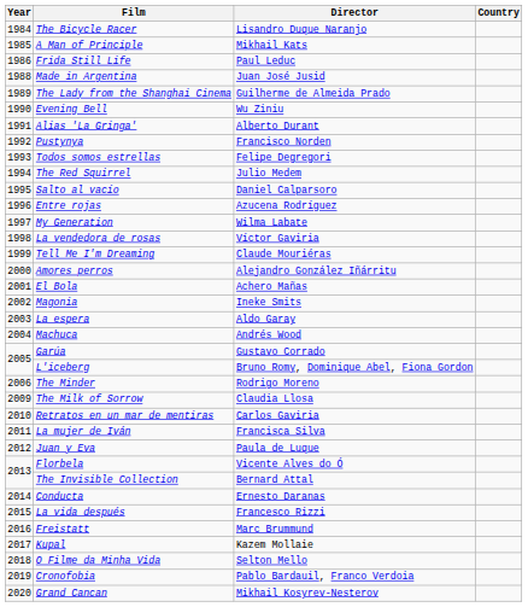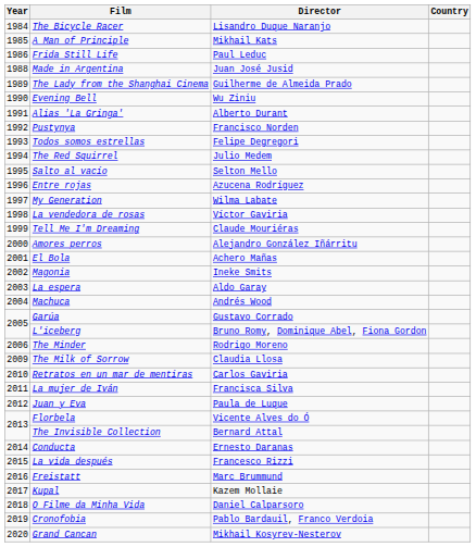 <table class="wikitable sortable">
 <tr>
 <th>Year</th>
 <th>Film</th>
 <th>Director</th>
 <th>Country</th>
 </tr>
 <tr>
 <td>1984</td>
 <td><em><a href='#'>The Bicycle Racer</a></em></td>
 <td><a href='#'>Lisandro Duque Naranjo</a></td>
 <td></td>
 </tr>
 <tr>
 <td>1985</td>
 <td><em><a href='#'>A Man of Principle</a></em></td>
 <td><a href='#'>Mikhail Kats</a></td>
 <td></td>
 </tr>
 <tr>
 <td>1986</td>
 <td><em><a href='#'>Frida Still Life</a></em></td>
 <td><a href='#'>Paul Leduc</a></td>
 <td></td>
 </tr>
 <tr>
 <td>1988</td>
 <td><em><a href='#'>Made in Argentina</a></em></td>
 <td><a href='#'>Juan José Jusid</a></td>
 <td></td>
 </tr>
 <tr>
 <td>1989</td>
 <td><em><a href='#'>The Lady from the Shanghai Cinema</a></em></td>
 <td><a href='#'>Guilherme de Almeida Prado</a></td>
 <td></td>
 </tr>
 <tr>
 <td>1990</td>
 <td><em><a href='#'>Evening Bell</a></em></td>
 <td><a href='#'>Wu Ziniu</a></td>
 <td></td>
 </tr>
 <tr>
 <td>1991</td>
 <td><em><a href='#'>Alias 'La Gringa'</a></em></td>
 <td><a href='#'>Alberto Durant</a></td>
 <td></td>
 </tr>
 <tr>
 <td>1992</td>
 <td><em><a href='#'>Pustynya</a></em></td>
 <td><a href='#'>Francisco Norden</a></td>
 <td></td>
 </tr>
 <tr>
 <td>1993</td>
 <td><em><a href='#'>Todos somos estrellas</a></em></td>
 <td><a href='#'>Felipe Degregori</a></td>
 <td></td>
 </tr>
 <tr>
 <td>1994</td>
 <td><em><a href='#'>The Red Squirrel</a></em></td>
 <td><a href='#'>Julio Medem</a></td>
 <td></td>
 </tr>
 <tr>
 <td>1995</td>
 <td><em><a href='#'>Salto al vacío</a></em></td>
-<td><a href='#'>Daniel Calparsoro</a></td>
+<td><a href='#'>Selton Mello</a></td>
 <td></td>
 </tr>
 <tr>
 <td>1996</td>
 <td><em><a href='#'>Entre rojas</a></em></td>
 <td><a href='#'>Azucena Rodríguez</a></td>
 <td></td>
 </tr>
 <tr>
 <td>1997</td>
 <td><em><a href='#'>My Generation</a></em></td>
 <td><a href='#'>Wilma Labate</a></td>
 <td></td>
 </tr>
 <tr>
 <td>1998</td>
 <td><em><a href='#'>La vendedora de rosas</a></em></td>
 <td><a href='#'>Víctor Gaviria</a></td>
 <td></td>
 </tr>
 <tr>
 <td>1999</td>
 <td><em><a href='#'>Tell Me I'm Dreaming</a></em></td>
 <td><a href='#'>Claude Mouriéras</a></td>
 <td></td>
 </tr>
 <tr>
 <td>2000</td>
 <td><em><a href='#'>Amores perros</a></em></td>
 <td><a href='#'>Alejandro González Iñárritu</a></td>
 <td></td>
 </tr>
 <tr>
 <td>2001</td>
 <td><em><a href='#'>El Bola</a></em></td>
 <td><a href='#'>Achero Mañas</a></td>
 <td></td>
 </tr>
 <tr>
 <td>2002</td>
 <td><em><a href='#'>Magonia</a></em></td>
 <td><a href='#'>Ineke Smits</a></td>
 <td></td>
 </tr>
 <tr>
 <td>2003</td>
 <td><em><a href='#'>La espera</a></em></td>
 <td><a href='#'>Aldo Garay</a></td>
 <td></td>
 </tr>
 <tr>
 <td>2004</td>
 <td><em><a href='#'>Machuca</a></em></td>
 <td><a href='#'>Andrés Wood</a></td>
 <td></td>
 </tr>
 <tr>
 <td rowspan=2>2005</td>
 <td><em><a href='#'>Garúa</a></em></td>
 <td><a href='#'>Gustavo Corrado</a></td>
 <td></td>
 </tr>
 <tr>
 <td><em><a href='#'>L'iceberg</a></em></td>
 <td><a href='#'>Bruno Romy</a>, <a href='#'>Dominique Abel</a>, <a href='#'>Fiona Gordon</a></td>
 <td></td>
 </tr>
 <tr>
 <td>2006</td>
 <td><em><a href='#'>The Minder</a></em></td>
 <td><a href='#'>Rodrigo Moreno</a></td>
 <td></td>
 </tr>
 <tr>
 <td>2009</td>
 <td><em><a href='#'>The Milk of Sorrow</a></em></td>
 <td><a href='#'>Claudia Llosa</a></td>
 <td></td>
 </tr>
 <tr>
 <td>2010</td>
 <td><em><a href='#'>Retratos en un mar de mentiras</a></em></td>
 <td><a href='#'>Carlos Gaviria</a></td>
 <td></td>
 </tr>
 <tr>
 <td>2011</td>
 <td><em><a href='#'>La mujer de Iván</a></em></td>
 <td><a href='#'>Francisca Silva</a></td>
 <td></td>
 </tr>
 <tr>
 <td>2012</td>
 <td><em><a href='#'>Juan y Eva</a></em></td>
 <td><a href='#'>Paula de Luque</a></td>
 <td></td>
 </tr>
 <tr>
 <td rowspan=2>2013</td>
 <td><em><a href='#'>Florbela</a></em></td>
 <td><a href='#'>Vicente Alves do Ó</a></td>
 <td></td>
 </tr>
 <tr>
 <td><em><a href='#'>The Invisible Collection</a></em></td>
 <td><a href='#'>Bernard Attal</a></td>
 <td></td>
 </tr>
 <tr>
 <td>2014</td>
 <td><em><a href='#'>Conducta</a></em></td>
 <td><a href='#'>Ernesto Daranas</a></td>
 <td></td>
 </tr>
 <tr>
 <td>2015</td>
 <td><em><a href='#'>La vida después</a></em></td>
 <td><a href='#'>Francesco Rizzi</a></td>
 <td></td>
 </tr>
 <tr>
 <td>2016</td>
 <td><em><a href='#'>Freistatt</a></em></td>
 <td><a href='#'>Marc Brummund</a></td>
 <td></td>
 </tr>
 <tr>
 <td>2017</td>
 <td><em><a href='#'>Kupal</a></em></td>
 <td>Kazem Mollaie</td>
 <td></td>
 </tr>
 <tr>
 <td>2018</td>
 <td><em><a href='#'>O Filme da Minha Vida</a></em></td>
-<td><a href='#'>Selton Mello</a></td>
+<td><a href='#'>Daniel Calparsoro</a></td>
 <td></td>
 </tr>
 <tr>
 <td>2019</td>
 <td><em><a href='#'>Cronofobia</a></em></td>
 <td><a href='#'>Pablo Bardauil</a>, <a href='#'>Franco Verdoia</a></td>
 <td></td>
 </tr>
 <tr>
 <td>2020</td>
 <td><em><a href='#'>Grand Cancan</a></em></td>
 <td><a href='#'>Mikhail Kosyrev-Nesterov</a></td>
 <td></td>
 </tr>
 </table>
